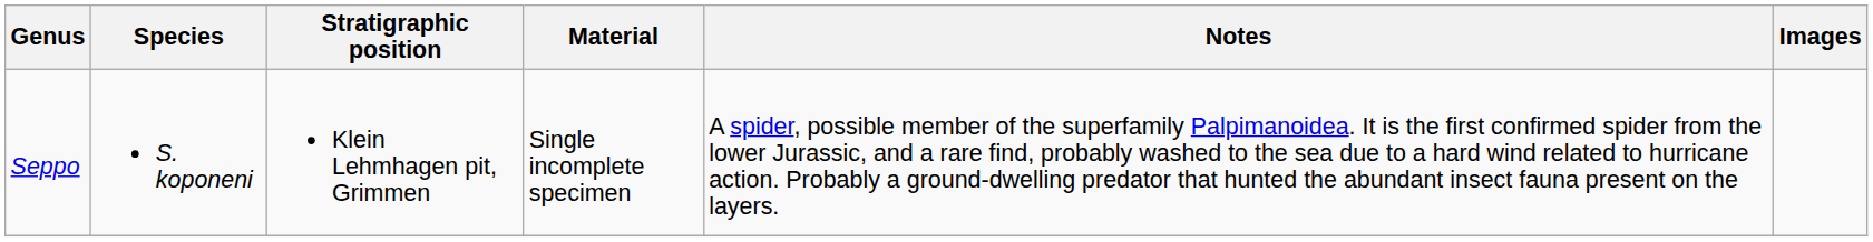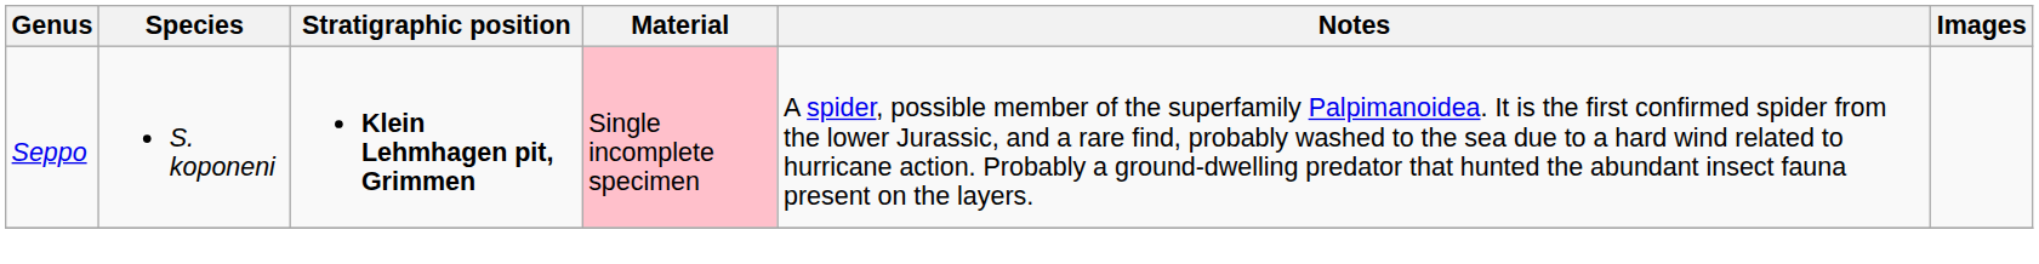 <table class = "wikitable">
 <tr>
 <th>Genus</th>
 <th>Species</th>
 <th>Stratigraphic position</th>
 <th>Material</th>
 <th>Notes</th>
 <th>Images</th>
 </tr>
 <tr>
 <td><br><em><a href='#'>Seppo</a></em></td>
 <td><br><ul><li><em>S. koponeni</em></li></ul></td>
-<td><br><ul><li>Klein Lehmhagen pit, Grimmen</li></ul></td>
-<td><br>Single incomplete specimen</td>
+<td><strong><br><ul><li>Klein Lehmhagen pit, Grimmen</li></ul></strong></td>
+<td style="background: pink;"><br>Single incomplete specimen</td>
 <td><br>A <a href='#'>spider</a>, possible member of the superfamily <a href='#'>Palpimanoidea</a>. It is the first confirmed spider from the lower Jurassic, and a rare find, probably washed to the sea due to a hard wind related to hurricane action. Probably a ground-dwelling predator that hunted the abundant insect fauna present on the layers.</td>
 <td></td>
 </tr>
 <tr>
 </tr>
 </table>
